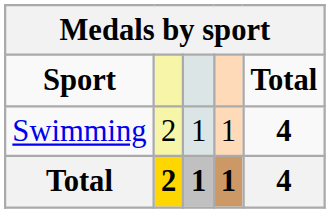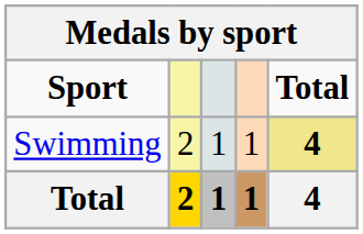 <table class="wikitable" style="font-size:85%; text-align:center;">
 <tr style="background:#efefef;">
 <th colspan=5><strong>Medals by sport</strong></th>
 </tr>
 <tr>
 <td><strong>Sport</strong></td>
 <td style="background:#f7f6a8;"></td>
 <td style="background:#dce5e5;"></td>
 <td style="background:#ffdab9;"></td>
 <td><strong>Total</strong></td>
 </tr>
 <tr>
 <td><a href='#'>Swimming</a></td>
 <td style="background:#F7F6A8;">2</td>
 <td style="background:#DCE5E5;">1</td>
 <td style="background:#FFDAB9;">1</td>
-<td><strong>4</strong></td>
+<td style="background: khaki;"><strong>4</strong></td>
 </tr>
 <tr>
 <th>Total</th>
 <th style="background:gold;"  >2</th>
 <th style="background:silver;">1</th>
 <th style="background:#c96;"  >1</th>
 <th>4</th>
 </tr>
 </table>
